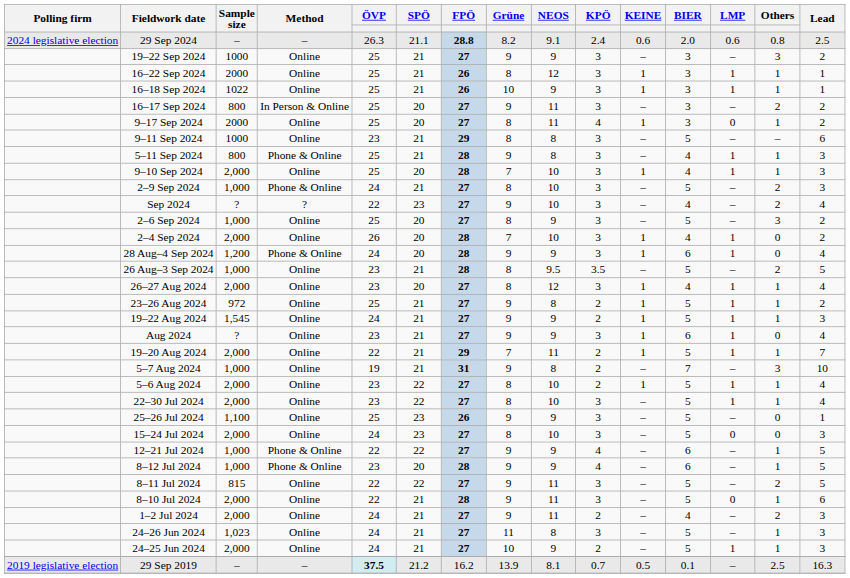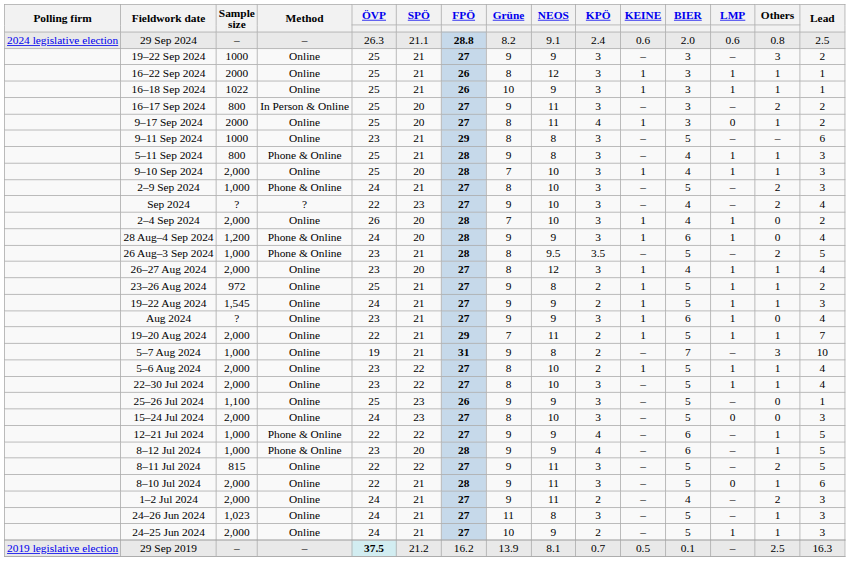 <table class="wikitable sortable mw-datatable" style="text-align:center;font-size:90%;line-height:14px;">
 <tr>
 <th rowspan="2">Polling firm</th>
 <th rowspan="2">Fieldwork date</th>
 <th rowspan="2">Sample<br>size</th>
 <th rowspan="2">Method</th>
 <th class="unsortable" style="width:50px;"><a href='#'>ÖVP</a></th>
 <th class="unsortable" style="width:50px;"><a href='#'>SPÖ</a></th>
 <th class="unsortable" style="width:50px;"><a href='#'>FPÖ</a></th>
 <th class="unsortable" style="width:50px;"><a href='#'>Grüne</a></th>
 <th class="unsortable" style="width:50px;"><a href='#'>NEOS</a></th>
 <th class="unsortable" style="width:50px;"><a href='#'>KPÖ</a></th>
 <th class="unsortable" style="width:50px;"><a href='#'>KEINE</a></th>
 <th class="unsortable" style="width:50px;"><a href='#'>BIER</a></th>
 <th class="unsortable" style="width:50px;"><a href='#'>LMP</a></th>
 <th class="unsortable" style="width:50px;">Others</th>
 <th rowspan="2" class="unsortable" style="width:50px;">Lead</th>
 </tr>
 <tr>
 <th style="background:"></th>
 <th style="background:"></th>
 <th style="background:"></th>
 <th style="background:"></th>
 <th style="background:"></th>
 <th style="background:"></th>
 <th style="background:"></th>
 <th style="background:"></th>
 <th style="background:"></th>
 <th style="background:"></th>
 </tr>
 <tr style="background:#E9E9E9;">
 <td><a href='#'>2024 legislative election</a></td>
 <td data-sort-value="2024-09-29">29 Sep 2024</td>
 <td>–</td>
 <td>–</td>
 <td>26.3</td>
 <td>21.1</td>
 <td style="background:#C6D9EA;"><strong>28.8</strong></td>
 <td>8.2</td>
 <td>9.1</td>
 <td>2.4</td>
 <td>0.6</td>
 <td>2.0</td>
 <td>0.6</td>
 <td>0.8</td>
 <td style="background:">2.5</td>
 </tr>
 <tr>
 <td></td>
 <td>19–22 Sep 2024</td>
 <td>1000</td>
 <td>Online</td>
 <td>25</td>
 <td>21</td>
 <td style="background:#C6D9EA;"><strong>27</strong></td>
 <td>9</td>
 <td>9</td>
 <td>3</td>
 <td>–</td>
 <td>3</td>
 <td>–</td>
 <td>3</td>
 <td style="background:">2</td>
 </tr>
 <tr>
 <td></td>
 <td>16–22 Sep 2024</td>
 <td>2000</td>
 <td>Online</td>
 <td>25</td>
 <td>21</td>
 <td style="background:#C6D9EA;"><strong>26</strong></td>
 <td>8</td>
 <td>12</td>
 <td>3</td>
 <td>1</td>
 <td>3</td>
 <td>1</td>
 <td>1</td>
 <td style="background:">1</td>
 </tr>
 <tr>
 <td></td>
 <td>16–18 Sep 2024</td>
 <td>1022</td>
 <td>Online</td>
 <td>25</td>
 <td>21</td>
 <td style="background:#C6D9EA;"><strong>26</strong></td>
 <td>10</td>
 <td>9</td>
 <td>3</td>
 <td>1</td>
 <td>3</td>
 <td>1</td>
 <td>1</td>
 <td style="background:">1</td>
 </tr>
 <tr>
 <td></td>
 <td>16–17 Sep 2024</td>
 <td>800</td>
 <td>In Person & Online</td>
 <td>25</td>
 <td>20</td>
 <td style="background:#C6D9EA;"><strong>27</strong></td>
 <td>9</td>
 <td>11</td>
 <td>3</td>
 <td>–</td>
 <td>3</td>
 <td>–</td>
 <td>2</td>
 <td style="background:">2</td>
 </tr>
 <tr>
 <td></td>
 <td>9–17 Sep 2024</td>
 <td>2000</td>
 <td>Online</td>
 <td>25</td>
 <td>20</td>
 <td style="background:#C6D9EA;"><strong>27</strong></td>
 <td>8</td>
 <td>11</td>
 <td>4</td>
 <td>1</td>
 <td>3</td>
 <td>0</td>
 <td>1</td>
 <td style="background:">2</td>
 </tr>
 <tr>
 <td></td>
 <td>9–11 Sep 2024</td>
 <td>1000</td>
 <td>Online</td>
 <td>23</td>
 <td>21</td>
 <td style="background:#C6D9EA;"><strong>29</strong></td>
 <td>8</td>
 <td>8</td>
 <td>3</td>
 <td>–</td>
 <td>5</td>
 <td>–</td>
 <td>–</td>
 <td style="background:">6</td>
 </tr>
 <tr>
 <td></td>
 <td data-sort-value="2024-09-11">5–11 Sep 2024</td>
 <td>800</td>
 <td>Phone & Online</td>
 <td>25</td>
 <td>21</td>
 <td style="background:#C6D9EA;"><strong>28</strong></td>
 <td>9</td>
 <td>8</td>
 <td>3</td>
 <td>–</td>
 <td>4</td>
 <td>1</td>
 <td>1</td>
 <td style="background:">3</td>
 </tr>
 <tr>
 <td></td>
 <td data-sort-value="2024-09-10">9–10 Sep 2024</td>
 <td>2,000</td>
 <td>Online</td>
 <td>25</td>
 <td>20</td>
 <td style="background:#C6D9EA;"><strong>28</strong></td>
 <td>7</td>
 <td>10</td>
 <td>3</td>
 <td>1</td>
 <td>4</td>
 <td>1</td>
 <td>1</td>
 <td style="background:">3</td>
 </tr>
 <tr>
 <td></td>
 <td data-sort-value="2024-09-21">2–9 Sep 2024</td>
 <td>1,000</td>
 <td>Phone & Online</td>
 <td>24</td>
 <td>21</td>
 <td style="background:#C6D9EA;"><strong>27</strong></td>
 <td>8</td>
 <td>10</td>
 <td>3</td>
 <td>–</td>
 <td>5</td>
 <td>–</td>
 <td>2</td>
 <td style="background:">3</td>
 </tr>
 <tr>
 <td></td>
 <td data-sort-value="2024-09-09">Sep 2024</td>
 <td>?</td>
 <td>?</td>
 <td>22</td>
 <td>23</td>
 <td style="background:#C6D9EA;"><strong>27</strong></td>
 <td>9</td>
 <td>10</td>
 <td>3</td>
 <td>–</td>
 <td>4</td>
 <td>–</td>
 <td>2</td>
 <td style="background:">4</td>
 </tr>
 <tr>
 <td></td>
-<td data-sort-value="2024-09-06">2–6 Sep 2024</td>
-<td>1,000</td>
-<td>Online</td>
-<td>25</td>
-<td>20</td>
-<td style="background:#C6D9EA;"><strong>27</strong></td>
-<td>8</td>
-<td>9</td>
-<td>3</td>
-<td>–</td>
-<td>5</td>
-<td>–</td>
-<td>3</td>
-<td style="background:">2</td>
-</tr>
-<tr>
-<td></td>
 <td data-sort-value="2024-09-04">2–4 Sep 2024</td>
 <td>2,000</td>
 <td>Online</td>
 <td>26</td>
 <td>20</td>
 <td style="background:#C6D9EA;"><strong>28</strong></td>
 <td>7</td>
 <td>10</td>
 <td>3</td>
 <td>1</td>
 <td>4</td>
 <td>1</td>
 <td>0</td>
 <td style="background:">2</td>
 </tr>
 <tr>
 <td></td>
 <td data-sort-value="2024-09-04">28 Aug–4 Sep 2024</td>
 <td>1,200</td>
 <td>Phone & Online</td>
 <td>24</td>
 <td>20</td>
 <td style="background:#C6D9EA;"><strong>28</strong></td>
 <td>9</td>
 <td>9</td>
 <td>3</td>
 <td>1</td>
 <td>6</td>
 <td>1</td>
 <td>0</td>
 <td style="background:">4</td>
 </tr>
 <tr>
 <td></td>
 <td data-sort-value="2024-09-06">26 Aug–3 Sep 2024</td>
 <td>1,000</td>
-<td>Online</td>
+<td>Phone & Online</td>
 <td>23</td>
 <td>21</td>
 <td style="background:#C6D9EA;"><strong>28</strong></td>
 <td>8</td>
 <td>9.5</td>
 <td>3.5</td>
 <td>–</td>
 <td>5</td>
 <td>–</td>
 <td>2</td>
 <td style="background:">5</td>
 </tr>
 <tr>
 <td></td>
 <td data-sort-value="2024-08-27">26–27 Aug 2024</td>
 <td>2,000</td>
 <td>Online</td>
 <td>23</td>
 <td>20</td>
 <td style="background:#C6D9EA;"><strong>27</strong></td>
 <td>8</td>
 <td>12</td>
 <td>3</td>
 <td>1</td>
 <td>4</td>
 <td>1</td>
 <td>1</td>
 <td style="background:">4</td>
 </tr>
 <tr>
 <td></td>
 <td data-sort-value="2024-08-26">23–26 Aug 2024</td>
 <td>972</td>
 <td>Online</td>
 <td>25</td>
 <td>21</td>
 <td style="background:#C6D9EA;"><strong>27</strong></td>
 <td>9</td>
 <td>8</td>
 <td>2</td>
 <td>1</td>
 <td>5</td>
 <td>1</td>
 <td>1</td>
 <td style="background:">2</td>
 </tr>
 <tr>
 <td></td>
 <td data-sort-value="2024-08-22">19–22 Aug 2024</td>
 <td>1,545</td>
 <td>Online</td>
 <td>24</td>
 <td>21</td>
 <td style="background:#C6D9EA;"><strong>27</strong></td>
 <td>9</td>
 <td>9</td>
 <td>2</td>
 <td>1</td>
 <td>5</td>
 <td>1</td>
 <td>1</td>
 <td style="background:">3</td>
 </tr>
 <tr>
 <td></td>
 <td data-sort-value="2024-08-22">Aug 2024</td>
 <td>?</td>
 <td>Online</td>
 <td>23</td>
 <td>21</td>
 <td style="background:#C6D9EA;"><strong>27</strong></td>
 <td>9</td>
 <td>9</td>
 <td>3</td>
 <td>1</td>
 <td>6</td>
 <td>1</td>
 <td>0</td>
 <td style="background:">4</td>
 </tr>
 <tr>
 <td></td>
 <td data-sort-value="2024-08-20">19–20 Aug 2024</td>
 <td>2,000</td>
 <td>Online</td>
 <td>22</td>
 <td>21</td>
 <td style="background:#C6D9EA;"><strong>29</strong></td>
 <td>7</td>
 <td>11</td>
 <td>2</td>
 <td>1</td>
 <td>5</td>
 <td>1</td>
 <td>1</td>
 <td style="background:">7</td>
 </tr>
 <tr>
 <td></td>
 <td data-sort-value="2024-08-07">5–7 Aug 2024</td>
 <td>1,000</td>
 <td>Online</td>
 <td>19</td>
 <td>21</td>
 <td style="background:#C6D9EA;"><strong>31</strong></td>
 <td>9</td>
 <td>8</td>
 <td>2</td>
 <td>–</td>
 <td>7</td>
 <td>–</td>
 <td>3</td>
 <td style="background:">10</td>
 </tr>
 <tr>
 <td></td>
 <td data-sort-value="2024-08-06">5–6 Aug 2024</td>
 <td>2,000</td>
 <td>Online</td>
 <td>23</td>
 <td>22</td>
 <td style="background:#C6D9EA;"><strong>27</strong></td>
 <td>8</td>
 <td>10</td>
 <td>2</td>
 <td>1</td>
 <td>5</td>
 <td>1</td>
 <td>1</td>
 <td style="background:">4</td>
 </tr>
 <tr>
 <td></td>
 <td data-sort-value="2024-07-30">22–30 Jul 2024</td>
 <td>2,000</td>
 <td>Online</td>
 <td>23</td>
 <td>22</td>
 <td style="background:#C6D9EA;"><strong>27</strong></td>
 <td>8</td>
 <td>10</td>
 <td>3</td>
 <td>–</td>
 <td>5</td>
 <td>1</td>
 <td>1</td>
 <td style="background:">4</td>
 </tr>
 <tr>
 <td></td>
 <td data-sort-value="2024-07-26">25–26 Jul 2024</td>
 <td>1,100</td>
 <td>Online</td>
 <td>25</td>
 <td>23</td>
 <td style="background:#C6D9EA;"><strong>26</strong></td>
 <td>9</td>
 <td>9</td>
 <td>3</td>
 <td>–</td>
 <td>5</td>
 <td>–</td>
 <td>0</td>
 <td style="background:">1</td>
 </tr>
 <tr>
 <td></td>
 <td data-sort-value="2024-07-24">15–24 Jul 2024</td>
 <td>2,000</td>
 <td>Online</td>
 <td>24</td>
 <td>23</td>
 <td style="background:#C6D9EA;"><strong>27</strong></td>
 <td>8</td>
 <td>10</td>
 <td>3</td>
 <td>–</td>
 <td>5</td>
 <td>0</td>
 <td>0</td>
 <td style="background:">3</td>
 </tr>
 <tr>
 <td></td>
 <td data-sort-value="2024-07-21">12–21 Jul 2024</td>
 <td>1,000</td>
 <td>Phone & Online</td>
 <td>22</td>
 <td>22</td>
 <td style="background:#C6D9EA;"><strong>27</strong></td>
 <td>9</td>
 <td>9</td>
 <td>4</td>
 <td>–</td>
 <td>6</td>
 <td>–</td>
 <td>1</td>
 <td style="background:">5</td>
 </tr>
 <tr>
 <td></td>
 <td data-sort-value="2024-07-12">8–12 Jul 2024</td>
 <td>1,000</td>
 <td>Phone & Online</td>
 <td>23</td>
 <td>20</td>
 <td style="background:#C6D9EA;"><strong>28</strong></td>
 <td>9</td>
 <td>9</td>
 <td>4</td>
 <td>–</td>
 <td>6</td>
 <td>–</td>
 <td>1</td>
 <td style="background:">5</td>
 </tr>
 <tr>
 <td></td>
 <td data-sort-value="2024-07-02">8–11 Jul 2024</td>
 <td>815</td>
 <td>Online</td>
 <td>22</td>
 <td>22</td>
 <td style="background:#C6D9EA;"><strong>27</strong></td>
 <td>9</td>
 <td>11</td>
 <td>3</td>
 <td>–</td>
 <td>5</td>
 <td>–</td>
 <td>2</td>
 <td style="background:">5</td>
 </tr>
 <tr>
 <td></td>
 <td data-sort-value="2024-07-02">8–10 Jul 2024</td>
 <td>2,000</td>
 <td>Online</td>
 <td>22</td>
 <td>21</td>
 <td style="background:#C6D9EA;"><strong>28</strong></td>
 <td>9</td>
 <td>11</td>
 <td>3</td>
 <td>–</td>
 <td>5</td>
 <td>0</td>
 <td>1</td>
 <td style="background:">6</td>
 </tr>
 <tr>
 <td></td>
 <td data-sort-value="2024-07-02">1–2 Jul 2024</td>
 <td>2,000</td>
 <td>Online</td>
 <td>24</td>
 <td>21</td>
 <td style="background:#C6D9EA;"><strong>27</strong></td>
 <td>9</td>
 <td>11</td>
 <td>2</td>
 <td>–</td>
 <td>4</td>
 <td>–</td>
 <td>2</td>
 <td style="background:">3</td>
 </tr>
 <tr>
 <td></td>
 <td data-sort-value="2024-06-26">24–26 Jun 2024</td>
 <td>1,023</td>
 <td>Online</td>
 <td>24</td>
 <td>21</td>
 <td style="background:#C6D9EA;"><strong>27</strong></td>
 <td>11</td>
 <td>8</td>
 <td>3</td>
 <td>–</td>
 <td>5</td>
 <td>–</td>
 <td>1</td>
 <td style="background:">3</td>
 </tr>
 <tr>
 <td></td>
 <td data-sort-value="2024-06-25">24–25 Jun 2024</td>
 <td>2,000</td>
 <td>Online</td>
 <td>24</td>
 <td>21</td>
 <td style="background:#C6D9EA;"><strong>27</strong></td>
 <td>10</td>
 <td>9</td>
 <td>2</td>
 <td>–</td>
 <td>5</td>
 <td>1</td>
 <td>1</td>
 <td style="background:">3</td>
 </tr>
 <tr>
 </tr>
 <tr style="background:#E9E9E9;">
 <td><a href='#'>2019 legislative election</a></td>
 <td data-sort-value="2019-09-29">29 Sep 2019</td>
 <td>–</td>
 <td>–</td>
 <td style="background:#D2EDF1;"><strong>37.5</strong></td>
 <td>21.2</td>
 <td>16.2</td>
 <td>13.9</td>
 <td>8.1</td>
 <td>0.7</td>
 <td>0.5</td>
 <td>0.1</td>
 <td>–</td>
 <td>2.5</td>
 <td style="background:">16.3</td>
 </tr>
 <tr>
 </tr>
 </table>
